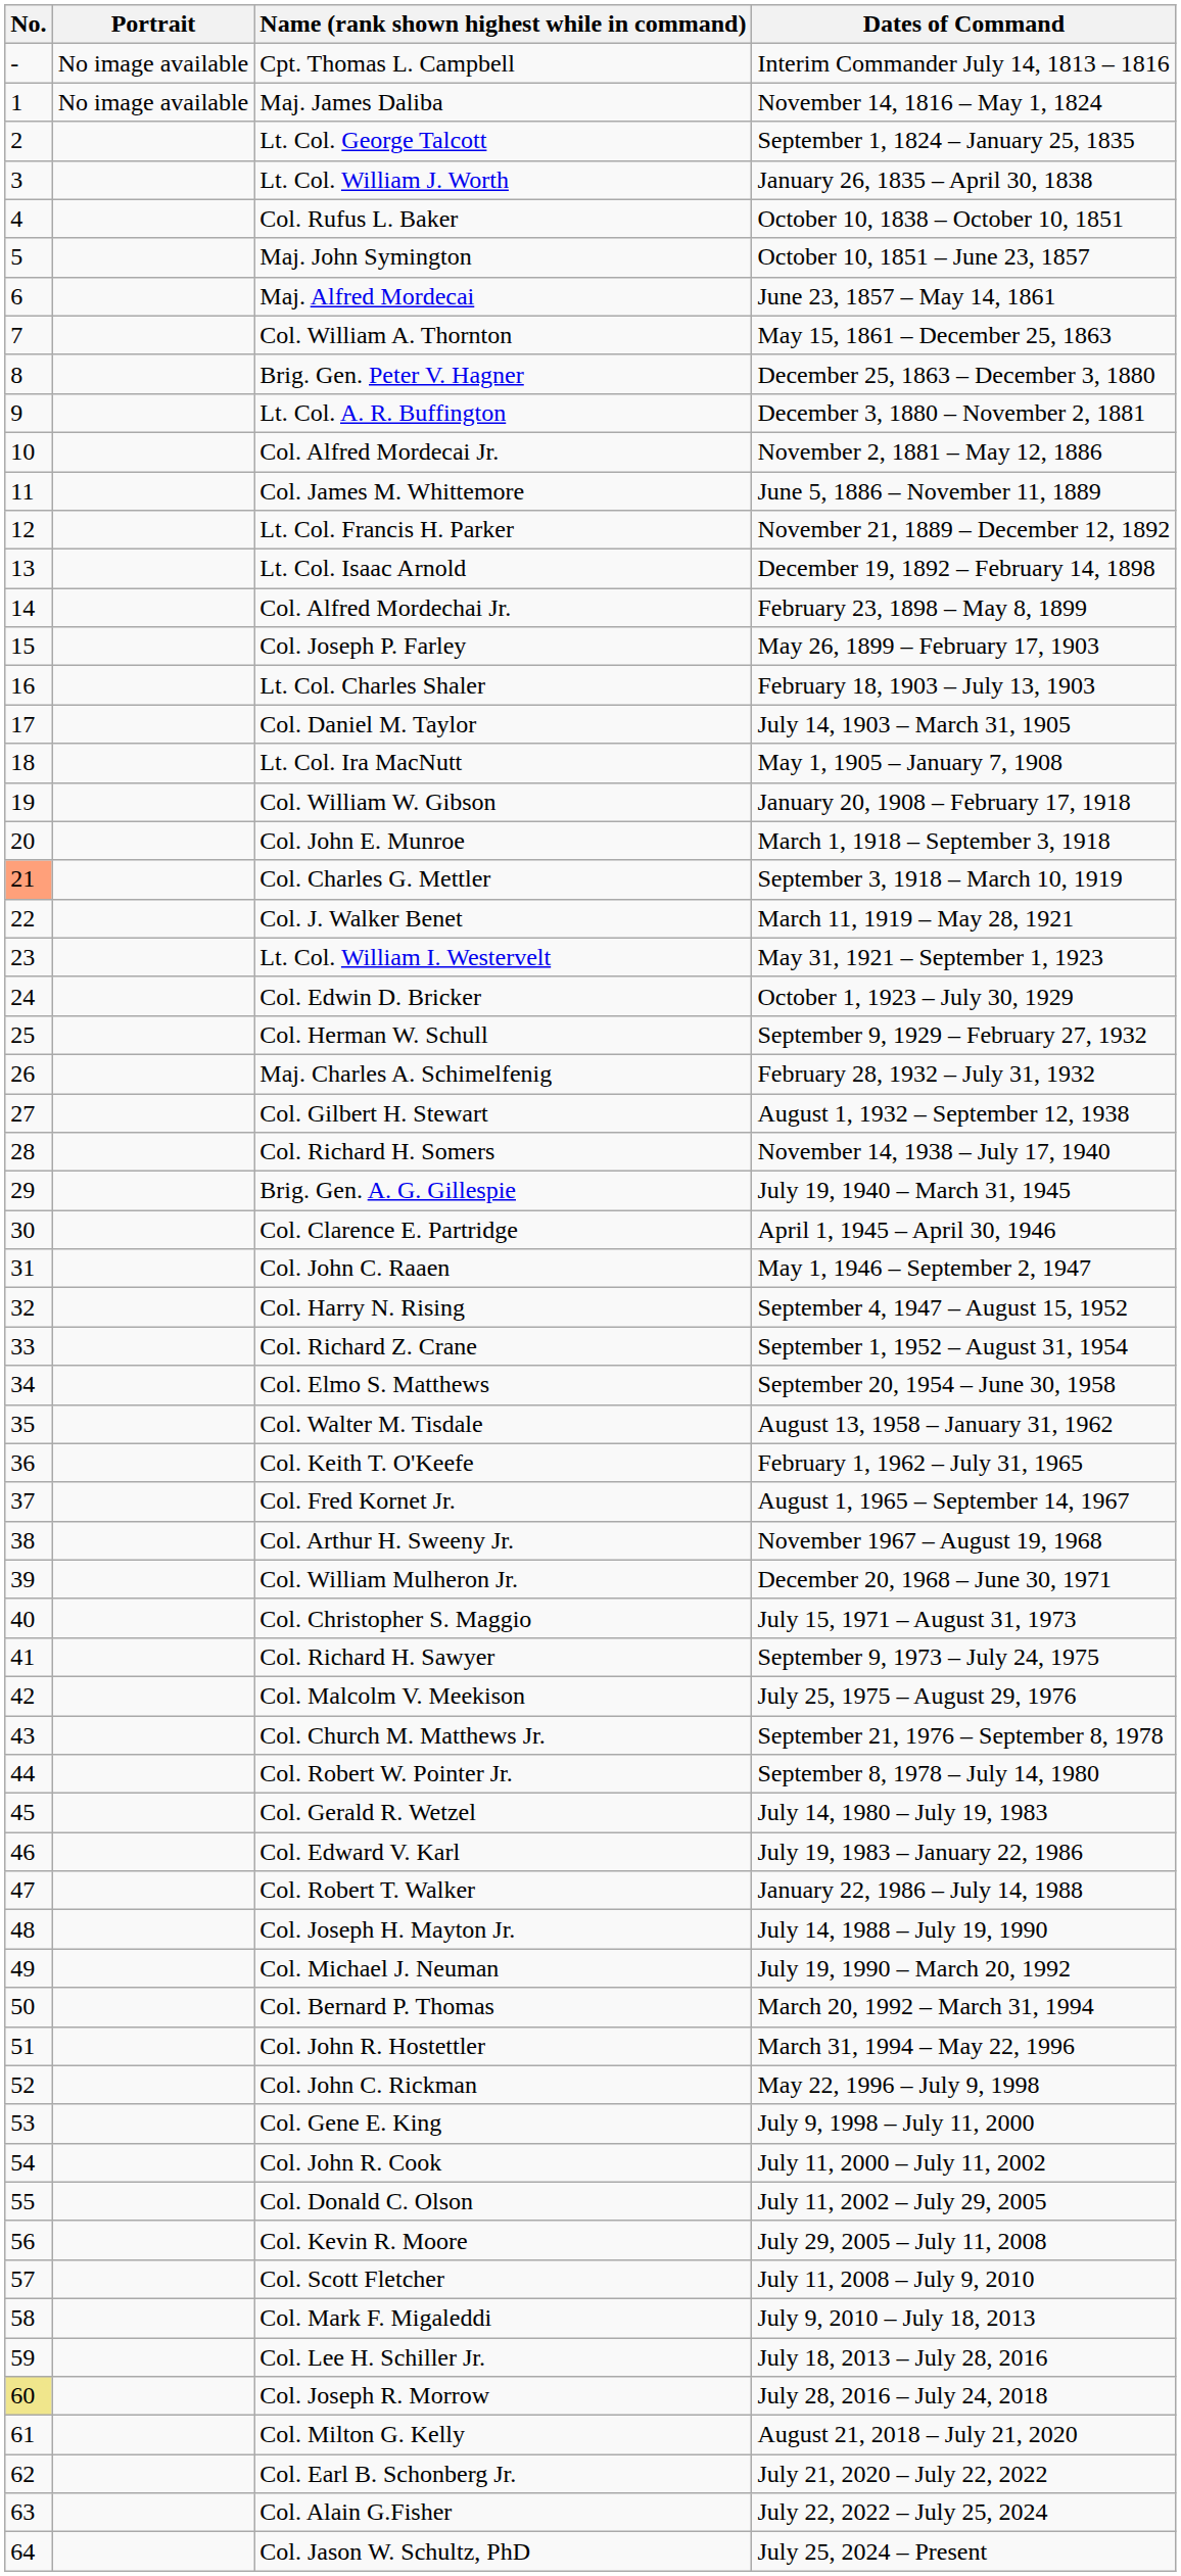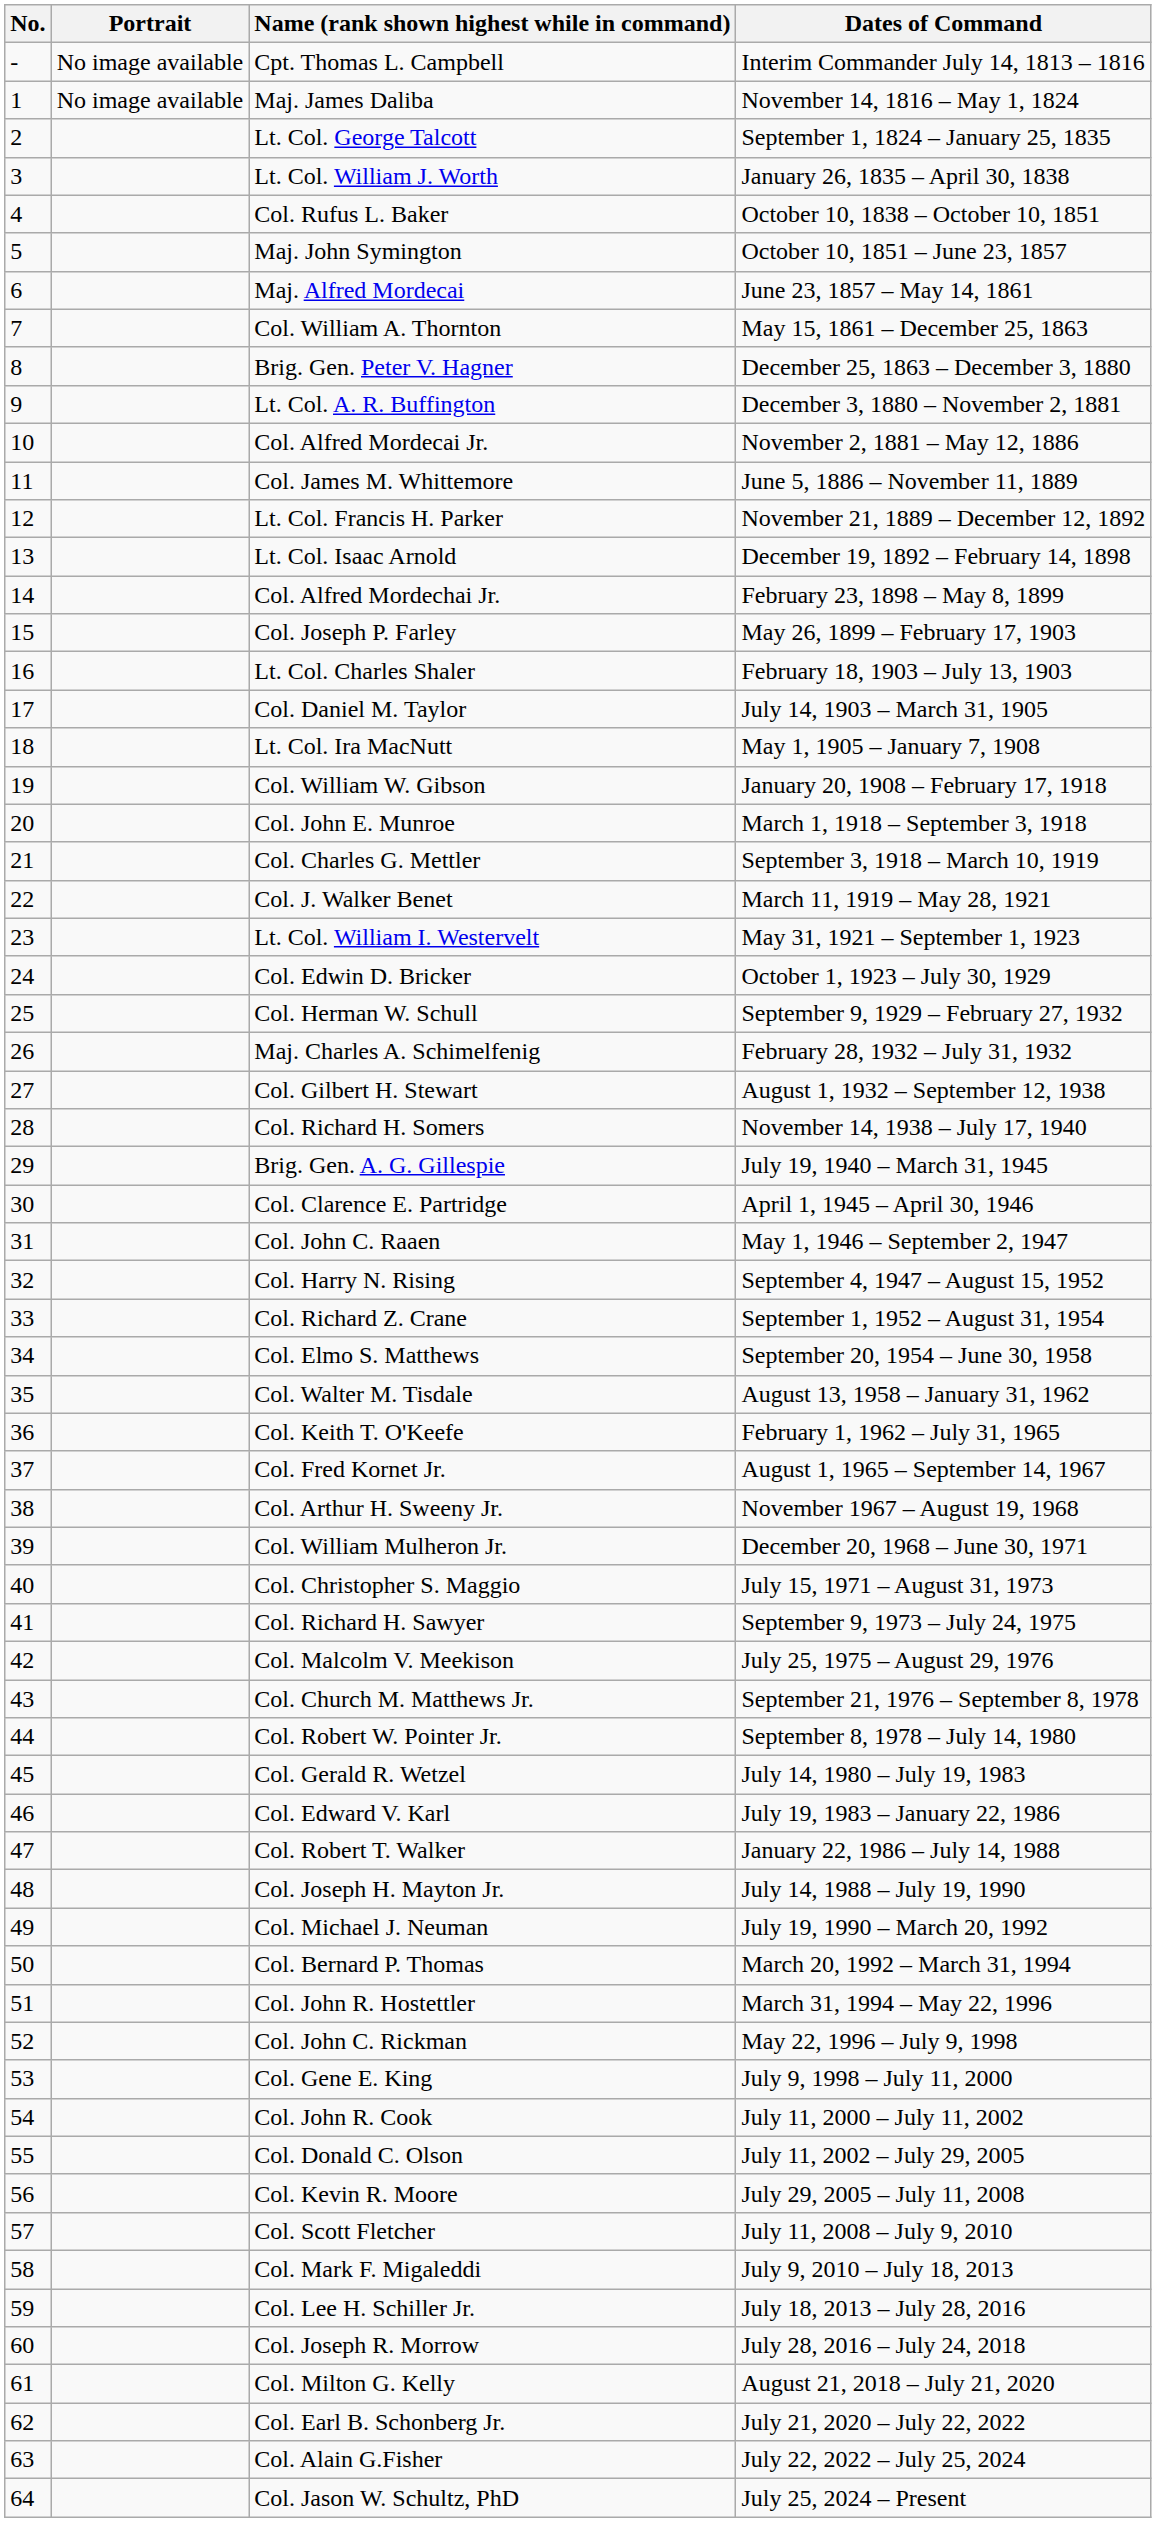 <table class="wikitable">
 <tr>
 <th>No.</th>
 <th>Portrait</th>
 <th>Name (rank shown highest while in command)</th>
 <th>Dates of Command</th>
 </tr>
 <tr>
 <td>-</td>
 <td>No image available</td>
 <td>Cpt. Thomas L. Campbell</td>
 <td>Interim Commander July 14, 1813 – 1816</td>
 </tr>
 <tr>
 <td>1</td>
 <td>No image available</td>
 <td>Maj. James Daliba</td>
 <td>November 14, 1816 – May 1, 1824</td>
 </tr>
 <tr>
 <td>2</td>
 <td></td>
 <td>Lt. Col. <a href='#'>George Talcott</a></td>
 <td>September 1, 1824 – January 25, 1835</td>
 </tr>
 <tr>
 <td>3</td>
 <td></td>
 <td>Lt. Col. <a href='#'>William J. Worth</a></td>
 <td>January 26, 1835 – April 30, 1838</td>
 </tr>
 <tr>
 <td>4</td>
 <td></td>
 <td>Col. Rufus L. Baker</td>
 <td>October 10, 1838 – October 10, 1851</td>
 </tr>
 <tr>
 <td>5</td>
 <td></td>
 <td>Maj. John Symington</td>
 <td>October 10, 1851 – June 23, 1857</td>
 </tr>
 <tr>
 <td>6</td>
 <td></td>
 <td>Maj. <a href='#'>Alfred Mordecai</a></td>
 <td>June 23, 1857 – May 14, 1861</td>
 </tr>
 <tr>
 <td>7</td>
 <td></td>
 <td>Col. William A. Thornton</td>
 <td>May 15, 1861 – December 25, 1863</td>
 </tr>
 <tr>
 <td>8</td>
 <td></td>
 <td>Brig. Gen. <a href='#'>Peter V. Hagner</a></td>
 <td>December 25, 1863 – December 3, 1880</td>
 </tr>
 <tr>
 <td>9</td>
 <td></td>
 <td>Lt. Col. <a href='#'>A. R. Buffington</a></td>
 <td>December 3, 1880 – November 2, 1881</td>
 </tr>
 <tr>
 <td>10</td>
 <td></td>
 <td>Col. Alfred Mordecai Jr.</td>
 <td>November 2, 1881 – May 12, 1886</td>
 </tr>
 <tr>
 <td>11</td>
 <td></td>
 <td>Col. James M. Whittemore</td>
 <td>June 5, 1886 – November 11, 1889</td>
 </tr>
 <tr>
 <td>12</td>
 <td></td>
 <td>Lt. Col. Francis H. Parker</td>
 <td>November 21, 1889 – December 12, 1892</td>
 </tr>
 <tr>
 <td>13</td>
 <td></td>
 <td>Lt. Col. Isaac Arnold</td>
 <td>December 19, 1892 – February 14, 1898</td>
 </tr>
 <tr>
 <td>14</td>
 <td></td>
 <td>Col. Alfred Mordechai Jr.</td>
 <td>February 23, 1898 – May 8, 1899</td>
 </tr>
 <tr>
 <td>15</td>
 <td></td>
 <td>Col. Joseph P. Farley</td>
 <td>May 26, 1899 – February 17, 1903</td>
 </tr>
 <tr>
 <td>16</td>
 <td></td>
 <td>Lt. Col. Charles Shaler</td>
 <td>February 18, 1903 – July 13, 1903</td>
 </tr>
 <tr>
 <td>17</td>
 <td></td>
 <td>Col. Daniel M. Taylor</td>
 <td>July 14, 1903 – March 31, 1905</td>
 </tr>
 <tr>
 <td>18</td>
 <td></td>
 <td>Lt. Col. Ira MacNutt</td>
 <td>May 1, 1905 – January 7, 1908</td>
 </tr>
 <tr>
 <td>19</td>
 <td></td>
 <td>Col. William W. Gibson</td>
 <td>January 20, 1908 – February 17, 1918</td>
 </tr>
 <tr>
 <td>20</td>
 <td></td>
 <td>Col. John E. Munroe</td>
 <td>March 1, 1918 – September 3, 1918</td>
 </tr>
 <tr>
-<td style="background: lightsalmon;">21</td>
+<td>21</td>
 <td></td>
 <td>Col. Charles G. Mettler</td>
 <td>September 3, 1918 – March 10, 1919</td>
 </tr>
 <tr>
 <td>22</td>
 <td></td>
 <td>Col. J. Walker Benet</td>
 <td>March 11, 1919 – May 28, 1921</td>
 </tr>
 <tr>
 <td>23</td>
 <td></td>
 <td>Lt. Col. <a href='#'>William I. Westervelt</a></td>
 <td>May 31, 1921 – September 1, 1923</td>
 </tr>
 <tr>
 <td>24</td>
 <td></td>
 <td>Col. Edwin D. Bricker</td>
 <td>October 1, 1923 – July 30, 1929</td>
 </tr>
 <tr>
 <td>25</td>
 <td></td>
 <td>Col. Herman W. Schull</td>
 <td>September 9, 1929 – February 27, 1932</td>
 </tr>
 <tr>
 <td>26</td>
 <td></td>
 <td>Maj. Charles A. Schimelfenig</td>
 <td>February 28, 1932 – July 31, 1932</td>
 </tr>
 <tr>
 <td>27</td>
 <td></td>
 <td>Col. Gilbert H. Stewart</td>
 <td>August 1, 1932 – September 12, 1938</td>
 </tr>
 <tr>
 <td>28</td>
 <td></td>
 <td>Col. Richard H. Somers</td>
 <td>November 14, 1938 – July 17, 1940</td>
 </tr>
 <tr>
 <td>29</td>
 <td></td>
 <td>Brig. Gen. <a href='#'>A. G. Gillespie</a></td>
 <td>July 19, 1940 – March 31, 1945</td>
 </tr>
 <tr>
 <td>30</td>
 <td></td>
 <td>Col. Clarence E. Partridge</td>
 <td>April 1, 1945 – April 30, 1946</td>
 </tr>
 <tr>
 <td>31</td>
 <td></td>
 <td>Col. John C. Raaen</td>
 <td>May 1, 1946 – September 2, 1947</td>
 </tr>
 <tr>
 <td>32</td>
 <td></td>
 <td>Col. Harry N. Rising</td>
 <td>September 4, 1947 – August 15, 1952</td>
 </tr>
 <tr>
 <td>33</td>
 <td></td>
 <td>Col. Richard Z. Crane</td>
 <td>September 1, 1952 – August 31, 1954</td>
 </tr>
 <tr>
 <td>34</td>
 <td></td>
 <td>Col. Elmo S. Matthews</td>
 <td>September 20, 1954 – June 30, 1958</td>
 </tr>
 <tr>
 <td>35</td>
 <td></td>
 <td>Col. Walter M. Tisdale</td>
 <td>August 13, 1958 – January 31, 1962</td>
 </tr>
 <tr>
 <td>36</td>
 <td></td>
 <td>Col. Keith T. O'Keefe</td>
 <td>February 1, 1962 – July 31, 1965</td>
 </tr>
 <tr>
 <td>37</td>
 <td></td>
 <td>Col. Fred Kornet Jr.</td>
 <td>August 1, 1965 – September 14, 1967</td>
 </tr>
 <tr>
 <td>38</td>
 <td></td>
 <td>Col. Arthur H. Sweeny Jr.</td>
 <td>November 1967 – August 19, 1968</td>
 </tr>
 <tr>
 <td>39</td>
 <td></td>
 <td>Col. William Mulheron Jr.</td>
 <td>December 20, 1968 – June 30, 1971</td>
 </tr>
 <tr>
 <td>40</td>
 <td></td>
 <td>Col. Christopher S. Maggio</td>
 <td>July 15, 1971 – August 31, 1973</td>
 </tr>
 <tr>
 <td>41</td>
 <td></td>
 <td>Col. Richard H. Sawyer</td>
 <td>September 9, 1973 – July 24, 1975</td>
 </tr>
 <tr>
 <td>42</td>
 <td></td>
 <td>Col. Malcolm V. Meekison</td>
 <td>July 25, 1975 – August 29, 1976</td>
 </tr>
 <tr>
 <td>43</td>
 <td></td>
 <td>Col. Church M. Matthews Jr.</td>
 <td>September 21, 1976 – September 8, 1978</td>
 </tr>
 <tr>
 <td>44</td>
 <td></td>
 <td>Col. Robert W. Pointer Jr.</td>
 <td>September 8, 1978 – July 14, 1980</td>
 </tr>
 <tr>
 <td>45</td>
 <td></td>
 <td>Col. Gerald R. Wetzel</td>
 <td>July 14, 1980 – July 19, 1983</td>
 </tr>
 <tr>
 <td>46</td>
 <td></td>
 <td>Col. Edward V. Karl</td>
 <td>July 19, 1983 – January 22, 1986</td>
 </tr>
 <tr>
 <td>47</td>
 <td></td>
 <td>Col. Robert T. Walker</td>
 <td>January 22, 1986 – July 14, 1988</td>
 </tr>
 <tr>
 <td>48</td>
 <td></td>
 <td>Col. Joseph H. Mayton Jr.</td>
 <td>July 14, 1988 – July 19, 1990</td>
 </tr>
 <tr>
 <td>49</td>
 <td></td>
 <td>Col. Michael J. Neuman</td>
 <td>July 19, 1990 – March 20, 1992</td>
 </tr>
 <tr>
 <td>50</td>
 <td></td>
 <td>Col. Bernard P. Thomas</td>
 <td>March 20, 1992 – March 31, 1994</td>
 </tr>
 <tr>
 <td>51</td>
 <td></td>
 <td>Col. John R. Hostettler</td>
 <td>March 31, 1994 – May 22, 1996</td>
 </tr>
 <tr>
 <td>52</td>
 <td></td>
 <td>Col. John C. Rickman</td>
 <td>May 22, 1996 – July 9, 1998</td>
 </tr>
 <tr>
 <td>53</td>
 <td></td>
 <td>Col. Gene E. King</td>
 <td>July 9, 1998 – July 11, 2000</td>
 </tr>
 <tr>
 <td>54</td>
 <td></td>
 <td>Col. John R. Cook</td>
 <td>July 11, 2000 – July 11, 2002</td>
 </tr>
 <tr>
 <td>55</td>
 <td></td>
 <td>Col. Donald C. Olson</td>
 <td>July 11, 2002 – July 29, 2005</td>
 </tr>
 <tr>
 <td>56</td>
 <td></td>
 <td>Col. Kevin R. Moore</td>
 <td>July 29, 2005 – July 11, 2008</td>
 </tr>
 <tr>
 <td>57</td>
 <td></td>
 <td>Col. Scott Fletcher</td>
 <td>July 11, 2008 – July 9, 2010</td>
 </tr>
 <tr>
 <td>58</td>
 <td></td>
 <td>Col. Mark F. Migaleddi</td>
 <td>July 9, 2010 – July 18, 2013</td>
 </tr>
 <tr>
 <td>59</td>
 <td></td>
 <td>Col. Lee H. Schiller Jr.</td>
 <td>July 18, 2013 – July 28, 2016</td>
 </tr>
 <tr>
-<td style="background: khaki;">60</td>
+<td>60</td>
 <td></td>
 <td>Col. Joseph R. Morrow</td>
 <td>July 28, 2016 – July 24, 2018</td>
 </tr>
 <tr>
 <td>61</td>
 <td></td>
 <td>Col. Milton G. Kelly</td>
 <td>August 21, 2018 – July 21, 2020</td>
 </tr>
 <tr>
 <td>62</td>
 <td></td>
 <td>Col. Earl B. Schonberg Jr.</td>
 <td>July 21, 2020 – July 22, 2022</td>
 </tr>
 <tr>
 <td>63</td>
 <td></td>
 <td>Col. Alain G.Fisher</td>
 <td>July 22, 2022 – July 25, 2024</td>
 </tr>
 <tr>
 <td>64</td>
 <td></td>
 <td>Col. Jason W. Schultz, PhD</td>
 <td>July 25, 2024 – Present</td>
 </tr>
 </table>
